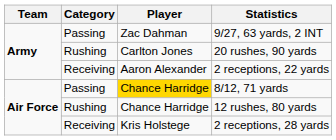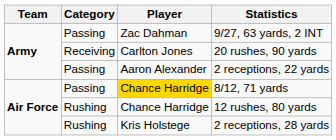 <table class="wikitable" style="float: left;">
 <tr>
 <th>Team</th>
 <th>Category</th>
 <th>Player</th>
 <th>Statistics</th>
 </tr>
 <tr>
 <td rowspan=3><strong>Army</strong></td>
 <td>Passing</td>
 <td>Zac Dahman</td>
 <td>9/27, 63 yards, 2 INT</td>
 </tr>
 <tr>
-<td>Rushing</td>
+<td>Receiving</td>
 <td>Carlton Jones</td>
 <td>20 rushes, 90 yards</td>
 </tr>
 <tr>
-<td>Receiving</td>
+<td>Passing</td>
 <td>Aaron Alexander</td>
 <td>2 receptions, 22 yards</td>
 </tr>
 <tr>
 <td rowspan=3><strong>Air Force</strong></td>
 <td>Passing</td>
 <td style="background: gold;">Chance Harridge</td>
 <td>8/12, 71 yards</td>
 </tr>
 <tr>
 <td>Rushing</td>
 <td>Chance Harridge</td>
 <td>12 rushes, 80 yards</td>
 </tr>
 <tr>
-<td>Receiving</td>
+<td>Rushing</td>
 <td>Kris Holstege</td>
 <td>2 receptions, 28 yards</td>
 </tr>
 </table>
